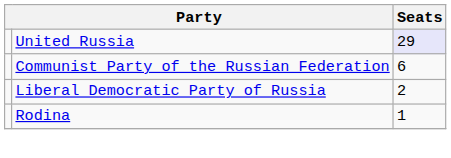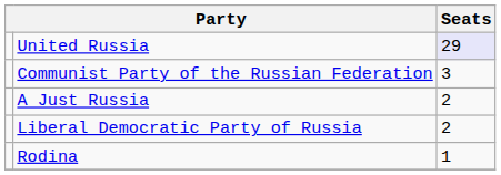 <table class="wikitable">
 <tr>
 <th colspan=2>Party</th>
 <th>Seats</th>
 </tr>
 <tr>
 <td style="background:"></td>
 <td><a href='#'>United Russia</a></td>
 <td style="background: lavender;">29</td>
 </tr>
 <tr>
 <td style="background:"></td>
 <td><a href='#'>Communist Party of the Russian Federation</a></td>
-<td>6</td>
+<td>3</td>
+</tr>
+<tr>
+<td style="background:"></td>
+<td><a href='#'>A Just Russia</a></td>
+<td>2</td>
 </tr>
 <tr>
 <td style="background:"></td>
 <td><a href='#'>Liberal Democratic Party of Russia</a></td>
 <td>2</td>
 </tr>
 <tr>
 <td style="background:"></td>
 <td><a href='#'>Rodina</a></td>
 <td>1</td>
 </tr>
 <tr>
 </tr>
 </table>
